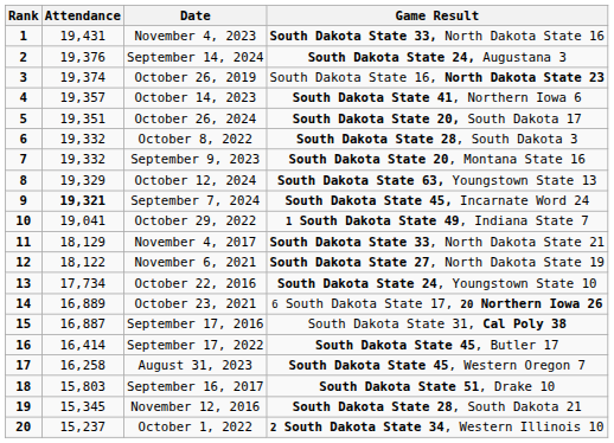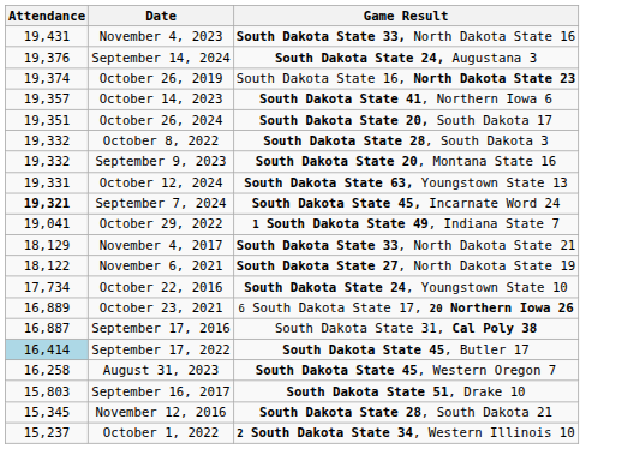 <table class="wikitable">
 <tr>
-<th>Rank</th>
 <th>Attendance</th>
 <th>Date</th>
 <th>Game Result</th>
 </tr>
 <tr align="center">
-<td><strong>1</strong></td>
 <td>19,431</td>
 <td>November 4, 2023</td>
 <td><strong> South Dakota State 33,</strong>  North Dakota State 16</td>
 </tr>
 <tr align="center">
-<td><strong>2</strong></td>
 <td>19,376</td>
 <td>September 14, 2024</td>
 <td><strong> South Dakota State 24,</strong> Augustana 3</td>
 </tr>
 <tr align="center">
-<td><strong>3</strong></td>
 <td>19,374</td>
 <td>October 26, 2019</td>
 <td> South Dakota State 16, <strong> North Dakota State 23</strong></td>
 </tr>
 <tr align="center">
-<td><strong>4</strong></td>
 <td>19,357</td>
 <td>October 14, 2023</td>
 <td><strong> South Dakota State 41</strong>, Northern Iowa 6</td>
 </tr>
 <tr align="center">
-<td><strong>5</strong></td>
 <td>19,351</td>
 <td>October 26, 2024</td>
 <td><strong> South Dakota State 20,</strong>  South Dakota 17</td>
 </tr>
 <tr align="center">
-<td><strong>6</strong></td>
 <td>19,332</td>
 <td>October 8, 2022</td>
 <td><strong> South Dakota State 28</strong>, South Dakota 3</td>
 </tr>
 <tr align="center">
-<td><strong>7</strong></td>
 <td>19,332</td>
 <td>September 9, 2023</td>
 <td><strong> South Dakota State 20</strong>,  Montana State 16</td>
 </tr>
 <tr align="center">
-<td><strong>8</strong></td>
-<td>19,329</td>
+<td>19,331</td>
 <td>October 12, 2024</td>
 <td><strong> South Dakota State 63,</strong> Youngstown State 13</td>
 </tr>
 <tr align="center">
-<td><strong>9</strong></td>
 <td><strong>19,321</strong></td>
 <td>September 7, 2024</td>
 <td><strong> South Dakota State 45,</strong>  Incarnate Word 24</td>
 </tr>
 <tr align="center">
-<td><strong>10</strong></td>
 <td>19,041</td>
 <td>October 29, 2022</td>
 <td><strong><small>1</small></strong> <strong>South Dakota State 49</strong>, Indiana State 7</td>
 </tr>
 <tr align="center">
-<td><strong>11</strong></td>
 <td>18,129</td>
 <td>November 4, 2017</td>
 <td><strong> South Dakota State 33</strong>,  North Dakota State 21</td>
 </tr>
 <tr align="center">
-<td><strong>12</strong></td>
 <td>18,122</td>
 <td>November 6, 2021</td>
 <td><strong> South Dakota State 27</strong>,  North Dakota State 19</td>
 </tr>
 <tr align="center">
-<td><strong>13</strong></td>
 <td>17,734</td>
 <td>October 22, 2016</td>
 <td><strong> South Dakota State 24</strong>,  Youngstown State 10</td>
 </tr>
 <tr align="center">
-<td><strong>14</strong></td>
 <td>16,889</td>
 <td>October 23, 2021</td>
 <td><small>6</small> South Dakota State 17, <strong><small>20</small></strong> <strong>Northern Iowa 26</strong></td>
 </tr>
 <tr align="center">
-<td><strong>15</strong></td>
 <td>16,887</td>
 <td>September 17, 2016</td>
 <td> South Dakota State 31, <strong>Cal Poly 38</strong></td>
 </tr>
 <tr align="center">
-<td><strong>16</strong></td>
-<td>16,414</td>
+<td style="background: lightblue;">16,414</td>
 <td>September 17, 2022</td>
 <td><strong> South Dakota State 45</strong>, Butler 17</td>
 </tr>
 <tr align="center">
-<td><strong>17</strong></td>
 <td>16,258</td>
 <td>August 31, 2023</td>
 <td><strong> South Dakota State 45</strong>, Western Oregon 7</td>
 </tr>
 <tr align="center">
-<td><strong>18</strong></td>
 <td>15,803</td>
 <td>September 16, 2017</td>
 <td><strong> South Dakota State 51</strong>, Drake 10</td>
 </tr>
 <tr align="center">
-<td><strong>19</strong></td>
 <td>15,345</td>
 <td>November 12, 2016</td>
 <td><strong> South Dakota State 28</strong>, South Dakota 21</td>
 </tr>
 <tr align="center">
-<td><strong>20</strong></td>
 <td>15,237</td>
 <td>October 1, 2022</td>
 <td><strong><small>2</small></strong> <strong>South Dakota State 34</strong>, Western Illinois 10</td>
 </tr>
 </table>
